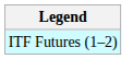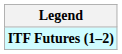 <table class=wikitable style=font-size:97%>
 <tr>
 <th>Legend</th>
 </tr>
 <tr bgcolor=cffcff>
-<td>ITF Futures (1–2)</td>
+<td><strong>ITF Futures (1–2)</strong></td>
 </tr>
 </table>
